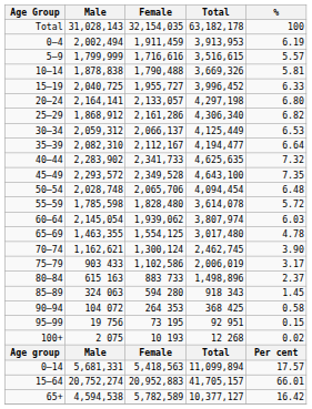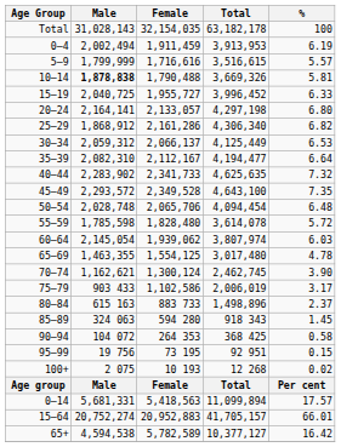 <table class="wikitable">
 <tr>
 <th width="80pt">Age Group</th>
 <th width="80pt">Male</th>
 <th width="80pt">Female</th>
 <th width="80pt">Total</th>
 <th width="80pt">%</th>
 </tr>
 <tr>
 <td align="right">Total</td>
 <td align="right">31,028,143</td>
 <td align="right">32,154,035</td>
 <td align="right">63,182,178</td>
 <td align="right">100</td>
 </tr>
 <tr>
 <td align="right">0–4</td>
 <td align="right">2,002,494</td>
 <td align="right">1,911,459</td>
 <td align="right">3,913,953</td>
 <td align="right">6.19</td>
 </tr>
 <tr>
 <td align="right">5–9</td>
 <td align="right">1,799,999</td>
 <td align="right">1,716,616</td>
 <td align="right">3,516,615</td>
 <td align="right">5.57</td>
 </tr>
 <tr>
 <td align="right">10–14</td>
-<td align="right">1,878,838</td>
+<td align="right"><strong>1,878,838</strong></td>
 <td align="right">1,790,488</td>
 <td align="right">3,669,326</td>
 <td align="right">5.81</td>
 </tr>
 <tr>
 <td align="right">15–19</td>
 <td align="right">2,040,725</td>
 <td align="right">1,955,727</td>
 <td align="right">3,996,452</td>
 <td align="right">6.33</td>
 </tr>
 <tr>
 <td align="right">20–24</td>
 <td align="right">2,164,141</td>
 <td align="right">2,133,057</td>
 <td align="right">4,297,198</td>
 <td align="right">6.80</td>
 </tr>
 <tr>
 <td align="right">25–29</td>
 <td align="right">1,868,912</td>
 <td align="right">2,161,286</td>
 <td align="right">4,306,340</td>
 <td align="right">6.82</td>
 </tr>
 <tr>
 <td align="right">30–34</td>
 <td align="right">2,059,312</td>
 <td align="right">2,066,137</td>
 <td align="right">4,125,449</td>
 <td align="right">6.53</td>
 </tr>
 <tr>
 <td align="right">35–39</td>
 <td align="right">2,082,310</td>
 <td align="right">2,112,167</td>
 <td align="right">4,194,477</td>
 <td align="right">6.64</td>
 </tr>
 <tr>
 <td align="right">40–44</td>
 <td align="right">2,283,902</td>
 <td align="right">2,341,733</td>
 <td align="right">4,625,635</td>
 <td align="right">7.32</td>
 </tr>
 <tr>
 <td align="right">45–49</td>
 <td align="right">2,293,572</td>
 <td align="right">2,349,528</td>
 <td align="right">4,643,100</td>
 <td align="right">7.35</td>
 </tr>
 <tr>
 <td align="right">50–54</td>
 <td align="right">2,028,748</td>
 <td align="right">2,065,706</td>
 <td align="right">4,094,454</td>
 <td align="right">6.48</td>
 </tr>
 <tr>
 <td align="right">55–59</td>
 <td align="right">1,785,598</td>
 <td align="right">1,828,480</td>
 <td align="right">3,614,078</td>
 <td align="right">5.72</td>
 </tr>
 <tr>
 <td align="right">60–64</td>
 <td align="right">2,145,054</td>
 <td align="right">1,939,062</td>
 <td align="right">3,807,974</td>
 <td align="right">6.03</td>
 </tr>
 <tr>
 <td align="right">65–69</td>
 <td align="right">1,463,355</td>
 <td align="right">1,554,125</td>
 <td align="right">3,017,480</td>
 <td align="right">4.78</td>
 </tr>
 <tr>
 <td align="right">70–74</td>
 <td align="right">1,162,621</td>
 <td align="right">1,300,124</td>
 <td align="right">2,462,745</td>
 <td align="right">3.90</td>
 </tr>
 <tr>
 <td align="right">75–79</td>
 <td align="right">903 433</td>
 <td align="right">1,102,586</td>
 <td align="right">2,006,019</td>
 <td align="right">3.17</td>
 </tr>
 <tr>
 <td align="right">80–84</td>
 <td align="right">615 163</td>
 <td align="right">883 733</td>
 <td align="right">1,498,896</td>
 <td align="right">2.37</td>
 </tr>
 <tr>
 <td align="right">85–89</td>
 <td align="right">324 063</td>
 <td align="right">594 280</td>
 <td align="right">918 343</td>
 <td align="right">1.45</td>
 </tr>
 <tr>
 <td align="right">90–94</td>
 <td align="right">104 072</td>
 <td align="right">264 353</td>
 <td align="right">368 425</td>
 <td align="right">0.58</td>
 </tr>
 <tr>
 <td align="right">95–99</td>
 <td align="right">19 756</td>
 <td align="right">73 195</td>
 <td align="right">92 951</td>
 <td align="right">0.15</td>
 </tr>
 <tr>
 <td align="right">100+</td>
 <td align="right">2 075</td>
 <td align="right">10 193</td>
 <td align="right">12 268</td>
 <td align="right">0.02</td>
 </tr>
 <tr>
 <th width="50">Age group</th>
 <th width="80pt">Male</th>
 <th width="80">Female</th>
 <th width="80">Total</th>
 <th width="50">Per cent</th>
 </tr>
 <tr>
 <td align="right">0–14</td>
 <td align="right">5,681,331</td>
 <td align="right">5,418,563</td>
 <td align="right">11,099,894</td>
 <td align="right">17.57</td>
 </tr>
 <tr>
 <td align="right">15–64</td>
 <td align="right">20,752,274</td>
 <td align="right">20,952,883</td>
 <td align="right">41,705,157</td>
 <td align="right">66.01</td>
 </tr>
 <tr>
 <td align="right">65+</td>
 <td align="right">4,594,538</td>
 <td align="right">5,782,589</td>
 <td align="right">10,377,127</td>
 <td align="right">16.42</td>
 </tr>
 <tr>
 </tr>
 </table>
